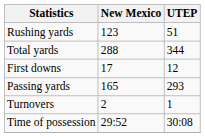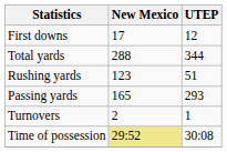 <table class="wikitable">
 <tr>
 <th>Statistics</th>
 <th>New Mexico</th>
 <th>UTEP</th>
 </tr>
 <tr>
-<td>Rushing yards</td>
-<td>123</td>
-<td>51</td>
+<td>First downs</td>
+<td>17</td>
+<td>12</td>
 </tr>
 <tr>
 <td>Total yards</td>
 <td>288</td>
 <td>344</td>
 </tr>
 <tr>
-<td>First downs</td>
-<td>17</td>
-<td>12</td>
+<td>Rushing yards</td>
+<td>123</td>
+<td>51</td>
 </tr>
 <tr>
 <td>Passing yards</td>
 <td>165</td>
 <td>293</td>
 </tr>
 <tr>
 <td>Turnovers</td>
 <td>2</td>
 <td>1</td>
 </tr>
 <tr>
 <td>Time of possession</td>
-<td>29:52</td>
+<td style="background: khaki;">29:52</td>
 <td>30:08</td>
 </tr>
 <tr>
 </tr>
 </table>
